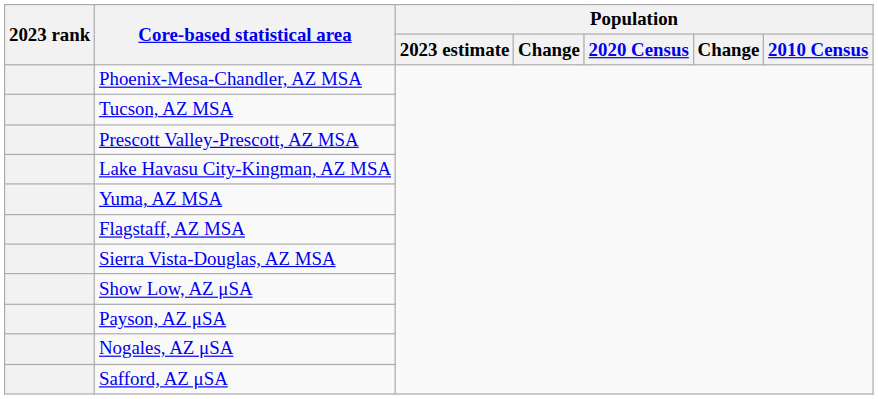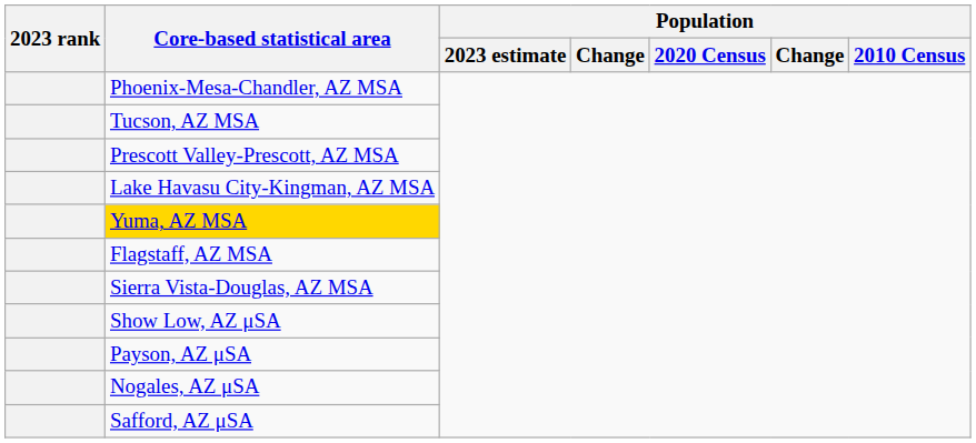 <table class="wikitable sortable">
 <tr>
 <th scope=col rowspan=2>2023 rank</th>
 <th scope=col rowspan=2><a href='#'>Core-based statistical area</a></th>
 <th colspan=5>Population</th>
 </tr>
 <tr>
 <th scope=col>2023 estimate</th>
 <th scope=col>Change</th>
 <th scope=col><a href='#'>2020 Census</a></th>
 <th scope=col>Change</th>
 <th scope=col><a href='#'>2010 Census</a></th>
 </tr>
 <tr>
 <th scope=row></th>
 <td><a href='#'>Phoenix-Mesa-Chandler, AZ MSA</a><br></td>
 </tr>
 <tr>
 <th scope=row></th>
 <td><a href='#'>Tucson, AZ MSA</a><br></td>
 </tr>
 <tr>
 <th scope=row></th>
 <td><a href='#'>Prescott Valley-Prescott, AZ MSA</a><br></td>
 </tr>
 <tr>
 <th scope=row></th>
 <td><a href='#'>Lake Havasu City-Kingman, AZ MSA</a><br></td>
 </tr>
 <tr>
 <th scope=row></th>
-<td><a href='#'>Yuma, AZ MSA</a><br></td>
+<td style="background: gold;"><a href='#'>Yuma, AZ MSA</a><br></td>
 </tr>
 <tr>
 <th scope=row></th>
 <td><a href='#'>Flagstaff, AZ MSA</a><br></td>
 </tr>
 <tr>
 <th scope=row></th>
 <td><a href='#'>Sierra Vista-Douglas, AZ MSA</a><br></td>
 </tr>
 <tr>
 <th scope=row></th>
 <td><a href='#'>Show Low, AZ μSA</a><br></td>
 </tr>
 <tr>
 <th scope=row></th>
 <td><a href='#'>Payson, AZ μSA</a><br></td>
 </tr>
 <tr>
 <th scope=row></th>
 <td><a href='#'>Nogales, AZ μSA</a><br></td>
 </tr>
 <tr>
 <th scope=row></th>
 <td><a href='#'>Safford, AZ μSA</a><br></td>
 </tr>
 </table>
